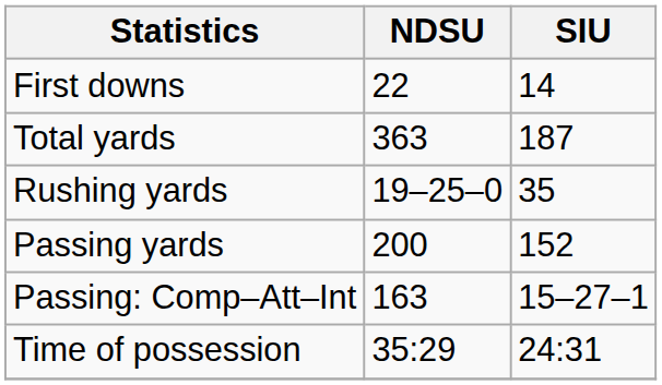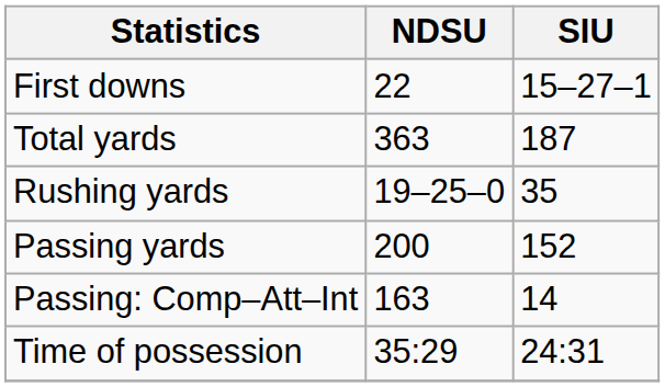 <table class="wikitable" style="float: left;">
 <tr>
 <th>Statistics</th>
 <th>NDSU</th>
 <th>SIU</th>
 </tr>
 <tr>
 <td>First downs</td>
 <td>22</td>
-<td>14</td>
+<td>15–27–1</td>
 </tr>
 <tr>
 <td>Total yards</td>
 <td>363</td>
 <td>187</td>
 </tr>
 <tr>
 <td>Rushing yards</td>
 <td>19–25–0</td>
 <td>35</td>
 </tr>
 <tr>
 <td>Passing yards</td>
 <td>200</td>
 <td>152</td>
 </tr>
 <tr>
 <td>Passing: Comp–Att–Int</td>
 <td>163</td>
-<td>15–27–1</td>
+<td>14</td>
 </tr>
 <tr>
 <td>Time of possession</td>
 <td>35:29</td>
 <td>24:31</td>
 </tr>
 <tr>
 </tr>
 </table>
